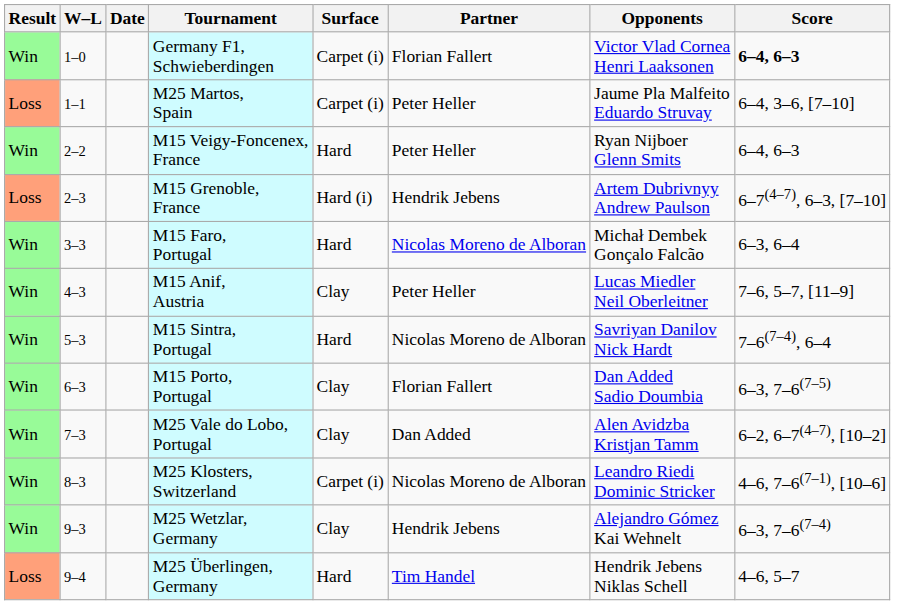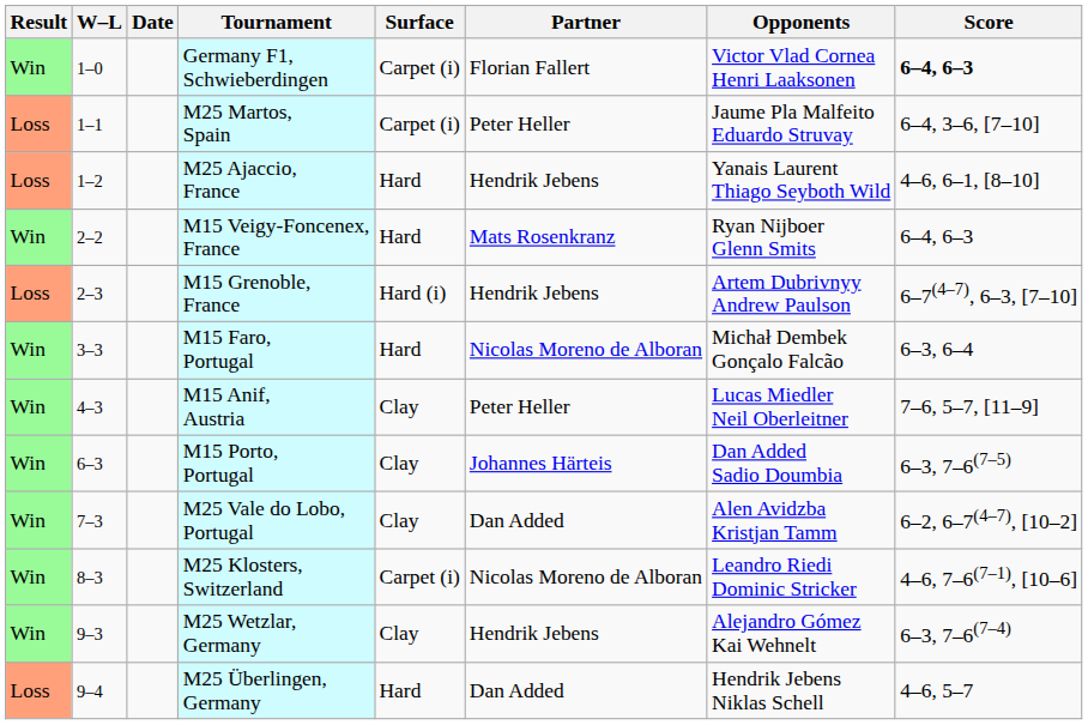 <table class="sortable wikitable nowrap">
 <tr>
 <th>Result</th>
 <th class="unsortable">W–L</th>
 <th>Date</th>
 <th>Tournament</th>
 <th>Surface</th>
 <th>Partner</th>
 <th>Opponents</th>
 <th class="unsortable">Score</th>
 </tr>
 <tr>
 <td style="background:#98FB98">Win</td>
 <td><small>1–0</small></td>
 <td></td>
 <td style="background:#cffcff;">Germany F1, <br> Schwieberdingen</td>
 <td>Carpet (i)</td>
 <td> Florian Fallert</td>
 <td> <a href='#'>Victor Vlad Cornea</a><br> <a href='#'>Henri Laaksonen</a></td>
 <td><strong>6–4, 6–3</strong></td>
 </tr>
 <tr>
 <td style="background:#FFA07A">Loss</td>
 <td><small>1–1</small></td>
 <td></td>
 <td style="background:#cffcff;">M25 Martos, <br> Spain</td>
 <td>Carpet (i)</td>
 <td> Peter Heller</td>
 <td> Jaume Pla Malfeito<br> <a href='#'>Eduardo Struvay</a></td>
 <td>6–4, 3–6, [7–10]</td>
 </tr>
 <tr>
+<td style="background:#FFA07A">Loss</td>
+<td><small>1–2</small></td>
+<td></td>
+<td style="background:#cffcff;">M25 Ajaccio, <br> France</td>
+<td>Hard</td>
+<td> Hendrik Jebens</td>
+<td> Yanais Laurent<br> <a href='#'>Thiago Seyboth Wild</a></td>
+<td>4–6, 6–1, [8–10]</td>
+</tr>
+<tr>
 <td style="background:#98FB98">Win</td>
 <td><small>2–2</small></td>
 <td></td>
 <td style="background:#cffcff;">M15 Veigy-Foncenex, <br> France</td>
 <td>Hard</td>
-<td> Peter Heller</td>
+<td> <a href='#'>Mats Rosenkranz</a></td>
 <td> Ryan Nijboer<br> <a href='#'>Glenn Smits</a></td>
 <td>6–4, 6–3</td>
 </tr>
 <tr>
 <td style="background:#FFA07A">Loss</td>
 <td><small>2–3</small></td>
 <td></td>
 <td style="background:#cffcff;">M15 Grenoble, <br> France</td>
 <td>Hard (i)</td>
 <td> Hendrik Jebens</td>
 <td> <a href='#'>Artem Dubrivnyy</a><br> <a href='#'>Andrew Paulson</a></td>
 <td>6–7<sup>(4–7)</sup>, 6–3, [7–10]</td>
 </tr>
 <tr>
 <td style="background:#98FB98">Win</td>
 <td><small>3–3</small></td>
 <td></td>
 <td style="background:#cffcff;">M15 Faro, <br> Portugal</td>
 <td>Hard</td>
 <td> <a href='#'>Nicolas Moreno de Alboran</a></td>
 <td> Michał Dembek<br> Gonçalo Falcão</td>
 <td>6–3, 6–4</td>
 </tr>
 <tr>
 <td style="background:#98FB98">Win</td>
 <td><small>4–3</small></td>
 <td></td>
 <td style="background:#cffcff;">M15 Anif, <br> Austria</td>
 <td>Clay</td>
 <td> Peter Heller</td>
 <td> <a href='#'>Lucas Miedler</a><br> <a href='#'>Neil Oberleitner</a></td>
 <td>7–6, 5–7, [11–9]</td>
 </tr>
 <tr>
 <td style="background:#98FB98">Win</td>
-<td><small>5–3</small></td>
-<td></td>
-<td style="background:#cffcff;">M15 Sintra, <br> Portugal</td>
-<td>Hard</td>
-<td> Nicolas Moreno de Alboran</td>
-<td> <a href='#'>Savriyan Danilov</a><br> <a href='#'>Nick Hardt</a></td>
-<td>7–6<sup>(7–4)</sup>, 6–4</td>
-</tr>
-<tr>
-<td style="background:#98FB98">Win</td>
 <td><small>6–3</small></td>
 <td></td>
 <td style="background:#cffcff;">M15 Porto, <br> Portugal</td>
 <td>Clay</td>
-<td> Florian Fallert</td>
+<td> <a href='#'>Johannes Härteis</a></td>
 <td> <a href='#'>Dan Added</a><br> <a href='#'>Sadio Doumbia</a></td>
 <td>6–3, 7–6<sup>(7–5)</sup></td>
 </tr>
 <tr>
 <td style="background:#98FB98">Win</td>
 <td><small>7–3</small></td>
 <td></td>
 <td style="background:#cffcff;">M25 Vale do Lobo, <br> Portugal</td>
 <td>Clay</td>
 <td> Dan Added</td>
 <td> <a href='#'>Alen Avidzba</a><br> <a href='#'>Kristjan Tamm</a></td>
 <td>6–2, 6–7<sup>(4–7)</sup>, [10–2]</td>
 </tr>
 <tr>
 <td style="background:#98FB98">Win</td>
 <td><small>8–3</small></td>
 <td></td>
 <td style="background:#cffcff;">M25 Klosters, <br> Switzerland</td>
 <td>Carpet (i)</td>
 <td> Nicolas Moreno de Alboran</td>
 <td> <a href='#'>Leandro Riedi</a><br> <a href='#'>Dominic Stricker</a></td>
 <td>4–6, 7–6<sup>(7–1)</sup>, [10–6]</td>
 </tr>
 <tr>
 <td style="background:#98FB98">Win</td>
 <td><small>9–3</small></td>
 <td></td>
 <td style="background:#cffcff;">M25 Wetzlar, <br> Germany</td>
 <td>Clay</td>
 <td> Hendrik Jebens</td>
 <td> <a href='#'>Alejandro Gómez</a><br> Kai Wehnelt</td>
 <td>6–3, 7–6<sup>(7–4)</sup></td>
 </tr>
 <tr>
 <td style="background:#FFA07A">Loss</td>
 <td><small>9–4</small></td>
 <td></td>
 <td style="background:#cffcff;">M25 Überlingen, <br> Germany</td>
 <td>Hard</td>
-<td> <a href='#'>Tim Handel</a></td>
+<td> Dan Added</td>
 <td> Hendrik Jebens<br> Niklas Schell</td>
 <td>4–6, 5–7</td>
 </tr>
 </table>
